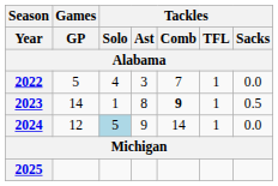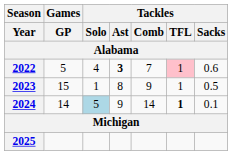 <table style="text-align:center;" class="wikitable">
 <tr>
 <th rowspan="1">Season</th>
 <th colspan="1">Games</th>
 <th colspan="5">Tackles</th>
 </tr>
 <tr>
 <th>Year</th>
 <th>GP</th>
 <th>Solo</th>
 <th>Ast</th>
 <th>Comb</th>
 <th>TFL</th>
 <th>Sacks</th>
 </tr>
 <tr>
 <th colspan="18">Alabama</th>
 </tr>
 <tr>
 <th><a href='#'>2022</a></th>
 <td>5</td>
 <td>4</td>
-<td>3</td>
+<td><strong>3</strong></td>
 <td>7</td>
-<td>1</td>
-<td>0.0</td>
+<td style="background: pink;">1</td>
+<td>0.6</td>
 </tr>
 <tr>
 <th><a href='#'>2023</a></th>
-<td>14</td>
+<td>15</td>
 <td>1</td>
 <td>8</td>
-<td><strong>9</strong></td>
+<td>9</td>
 <td>1</td>
 <td>0.5</td>
 </tr>
 <tr>
 <th><a href='#'>2024</a></th>
-<td>12</td>
+<td>14</td>
 <td style="background: lightblue;">5</td>
 <td>9</td>
 <td>14</td>
-<td>1</td>
-<td>0.0</td>
+<td><strong>1</strong></td>
+<td>0.1</td>
 </tr>
 <tr>
 <th colspan="18">Michigan</th>
 </tr>
 <tr>
 <th><a href='#'>2025</a></th>
 <td></td>
 <td></td>
 <td></td>
 <td></td>
 <td></td>
 <td></td>
 </tr>
 </table>
